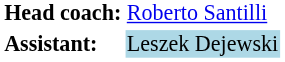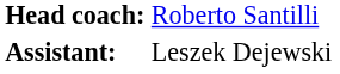 <table>
 <tr>
 <td><strong>Head coach:</strong></td>
 <td> <a href='#'>Roberto Santilli</a></td>
 </tr>
 <tr>
 <td><strong>Assistant:</strong></td>
-<td style="background: lightblue;"> Leszek Dejewski</td>
+<td> Leszek Dejewski</td>
 </tr>
 <tr>
 </tr>
 </table>
